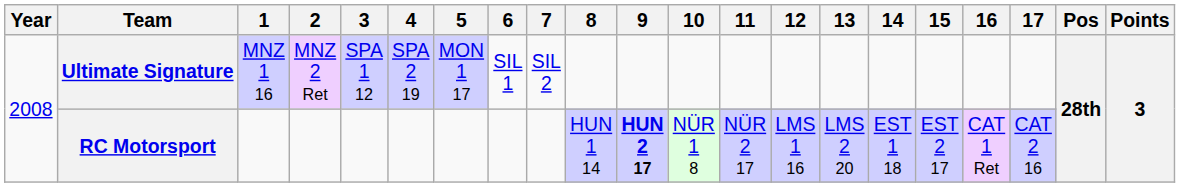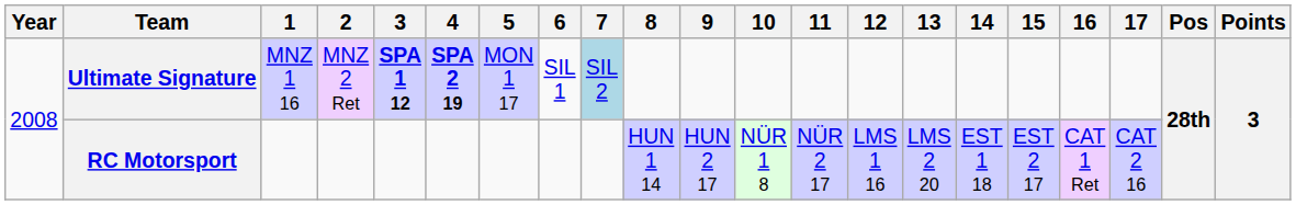 <table class="wikitable" style="text-align:center; font-size:85%">
 <tr>
 <th>Year</th>
 <th>Team</th>
 <th>1</th>
 <th>2</th>
 <th>3</th>
 <th>4</th>
 <th>5</th>
 <th>6</th>
 <th>7</th>
 <th>8</th>
 <th>9</th>
 <th>10</th>
 <th>11</th>
 <th>12</th>
 <th>13</th>
 <th>14</th>
 <th>15</th>
 <th>16</th>
 <th>17</th>
 <th>Pos</th>
 <th>Points</th>
 </tr>
 <tr>
 <td rowspan=2><a href='#'>2008</a></td>
 <th nowrap><a href='#'>Ultimate Signature</a></th>
 <td style="background:#CFCFFF;"><a href='#'>MNZ<br>1</a><br><small>16</small></td>
 <td style="background:#EFCFFF;"><a href='#'>MNZ<br>2</a><br><small>Ret</small></td>
-<td style="background:#CFCFFF;"><a href='#'>SPA<br>1</a><br><small>12</small></td>
-<td style="background:#CFCFFF;"><a href='#'>SPA<br>2</a><br><small>19</small></td>
+<td style="background:#CFCFFF;"><strong><a href='#'>SPA<br>1</a><br><small>12</small></strong></td>
+<td style="background:#CFCFFF;"><strong><a href='#'>SPA<br>2</a><br><small>19</small></strong></td>
 <td style="background:#CFCFFF;"><a href='#'>MON<br>1</a><br><small>17</small></td>
 <td><a href='#'>SIL<br>1</a></td>
-<td><a href='#'>SIL<br>2</a></td>
+<td style="background: lightblue;"><a href='#'>SIL<br>2</a></td>
 <td></td>
 <td></td>
 <td></td>
 <td></td>
 <td></td>
 <td></td>
 <td></td>
 <td></td>
 <td></td>
 <td></td>
 <th rowspan=2>28th</th>
 <th rowspan=2>3</th>
 </tr>
 <tr>
 <th nowrap><a href='#'>RC Motorsport</a></th>
 <td></td>
 <td></td>
 <td></td>
 <td></td>
 <td></td>
 <td></td>
 <td></td>
 <td style="background:#CFCFFF;"><a href='#'>HUN<br>1</a><br><small>14</small></td>
-<td style="background:#CFCFFF;"><strong><a href='#'>HUN<br>2</a><br><small>17</small></strong></td>
+<td style="background:#CFCFFF;"><a href='#'>HUN<br>2</a><br><small>17</small></td>
 <td style="background:#DFFFDF;"><a href='#'>NÜR<br>1</a><br><small>8</small></td>
 <td style="background:#CFCFFF;"><a href='#'>NÜR<br>2</a><br><small>17</small></td>
 <td style="background:#CFCFFF;"><a href='#'>LMS<br>1</a><br><small>16</small></td>
 <td style="background:#CFCFFF;"><a href='#'>LMS<br>2</a><br><small>20</small></td>
 <td style="background:#CFCFFF;"><a href='#'>EST<br>1</a><br><small>18</small></td>
 <td style="background:#CFCFFF;"><a href='#'>EST<br>2</a><br><small>17</small></td>
 <td style="background:#EFCFFF;"><a href='#'>CAT<br>1</a><br><small>Ret</small></td>
 <td style="background:#CFCFFF;"><a href='#'>CAT<br>2</a><br><small>16</small></td>
 </tr>
 </table>
